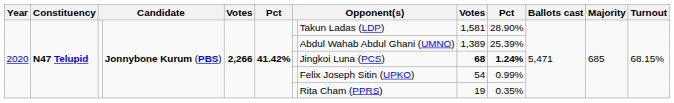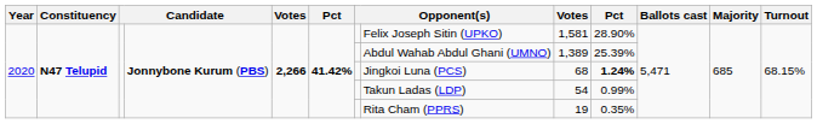 <table class="wikitable" style="margin:0.5em ; font-size:95%">
 <tr>
 <th>Year</th>
 <th>Constituency</th>
 <th colspan=2>Candidate</th>
 <th>Votes</th>
 <th>Pct</th>
 <th colspan=2>Opponent(s)</th>
 <th>Votes</th>
 <th>Pct</th>
 <th>Ballots cast</th>
 <th>Majority</th>
 <th>Turnout</th>
 </tr>
 <tr>
 <td rowspan=5><a href='#'>2020</a></td>
 <td rowspan=5><strong>N47 <a href='#'>Telupid</a></strong></td>
 <td rowspan=5 ></td>
 <td rowspan=5><strong>Jonnybone Kurum</strong> (<strong><a href='#'>PBS</a></strong>)</td>
 <td rowspan=5 align=right><strong>2,266</strong></td>
 <td rowspan=5><strong>41.42%</strong></td>
 <td bgcolor=></td>
-<td>Takun Ladas (<a href='#'>LDP</a>)</td>
+<td>Felix Joseph Sitin (<a href='#'>UPKO</a>)</td>
 <td align=right>1,581</td>
 <td>28.90%</td>
 <td rowspan=5>5,471</td>
 <td rowspan=5>685</td>
 <td rowspan=5>68.15%</td>
 </tr>
 <tr>
 <td></td>
 <td>Abdul Wahab Abdul Ghani (<a href='#'>UMNO</a>)</td>
 <td align=right>1,389</td>
 <td>25.39%</td>
 </tr>
 <tr>
 <td bgcolor=></td>
 <td>Jingkoi Luna (<a href='#'>PCS</a>)</td>
-<td align=right><strong>68</strong></td>
+<td align=right>68</td>
 <td align=right><strong>1.24%</strong></td>
 </tr>
 <tr>
 <td bgcolor=></td>
-<td>Felix Joseph Sitin (<a href='#'>UPKO</a>)</td>
+<td>Takun Ladas (<a href='#'>LDP</a>)</td>
 <td align=right>54</td>
 <td align=right>0.99%</td>
 </tr>
 <tr>
 <td bgcolor=></td>
 <td>Rita Cham (<a href='#'>PPRS</a>)</td>
 <td align=right>19</td>
 <td align=right>0.35%</td>
 </tr>
 </table>
